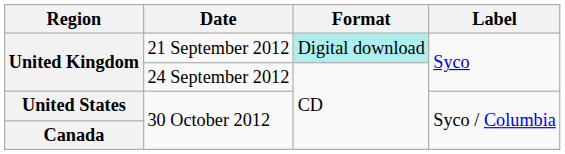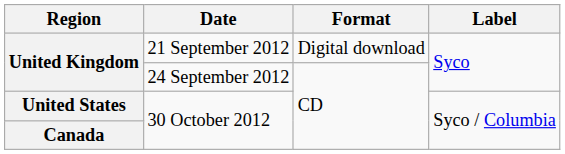 <table class="wikitable plainrowheaders">
 <tr>
 <th scope="col">Region</th>
 <th scope="col">Date</th>
 <th scope="col">Format</th>
 <th scope="col">Label</th>
 </tr>
 <tr>
 <th scope="row" rowspan="2">United Kingdom</th>
 <td>21 September 2012</td>
-<td style="background: paleturquoise;">Digital download</td>
+<td>Digital download</td>
 <td rowspan="2"><a href='#'>Syco</a></td>
 </tr>
 <tr>
 <td>24 September 2012</td>
 <td rowspan="3">CD</td>
 </tr>
 <tr>
 <th scope="row">United States</th>
 <td rowspan="2">30 October 2012</td>
 <td rowspan="2">Syco / <a href='#'>Columbia</a></td>
 </tr>
 <tr>
 <th scope="row">Canada</th>
 </tr>
 </table>
